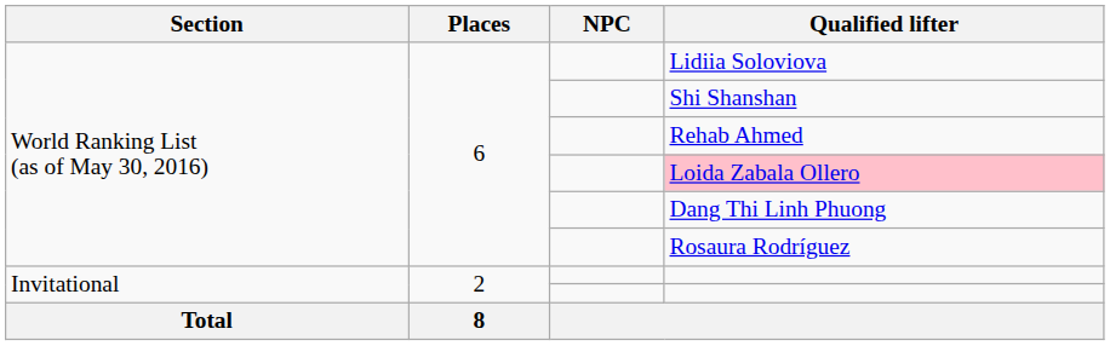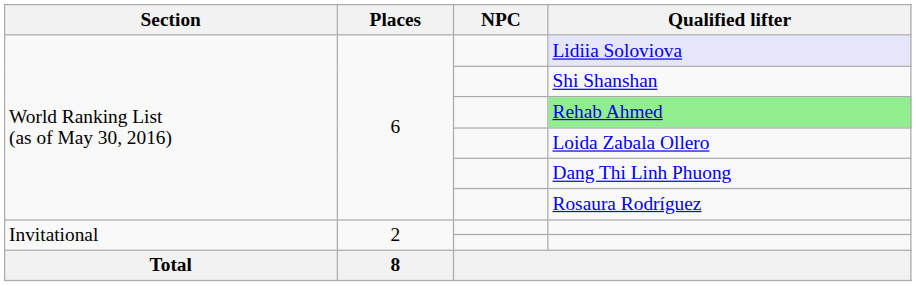 <table class="wikitable"  width=750>
 <tr>
 <th>Section</th>
 <th>Places</th>
 <th>NPC</th>
 <th>Qualified lifter</th>
 </tr>
 <tr>
 <td rowspan=6>World Ranking List<br>(as of May 30, 2016)</td>
 <td rowspan=6 align=center>6</td>
 <td></td>
-<td><a href='#'>Lidiia Soloviova</a></td>
+<td style="background: lavender;"><a href='#'>Lidiia Soloviova</a></td>
 </tr>
 <tr>
 <td></td>
 <td><a href='#'>Shi Shanshan</a></td>
 </tr>
 <tr>
 <td></td>
-<td><a href='#'>Rehab Ahmed</a></td>
+<td style="background: lightgreen;"><a href='#'>Rehab Ahmed</a></td>
 </tr>
 <tr>
 <td></td>
-<td style="background: pink;"><a href='#'>Loida Zabala Ollero</a></td>
+<td><a href='#'>Loida Zabala Ollero</a></td>
 </tr>
 <tr>
 <td></td>
 <td><a href='#'>Dang Thi Linh Phuong</a></td>
 </tr>
 <tr>
 <td></td>
 <td><a href='#'>Rosaura Rodríguez</a></td>
 </tr>
 <tr>
 <td rowspan=2>Invitational</td>
 <td rowspan="2" align=center>2</td>
 <td></td>
 <td></td>
 </tr>
 <tr>
 <td></td>
 <td></td>
 </tr>
 <tr>
 <th>Total</th>
 <th>8</th>
 <th colspan=2></th>
 </tr>
 </table>
